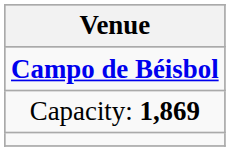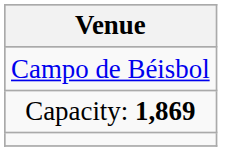 <table class="wikitable" style="text-align:center">
 <tr>
 <th><strong>Venue</strong></th>
 </tr>
 <tr>
-<td><strong><a href='#'>Campo de Béisbol</a></strong></td>
+<td><a href='#'>Campo de Béisbol</a></td>
 </tr>
 <tr>
 <td>Capacity: <strong>1,869</strong></td>
 </tr>
 <tr>
 <td></td>
 </tr>
 </table>
